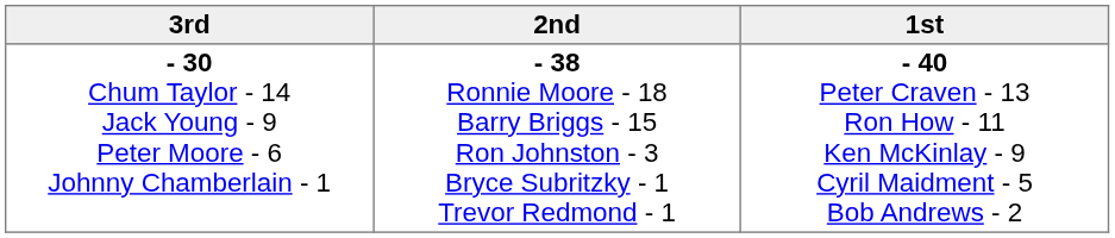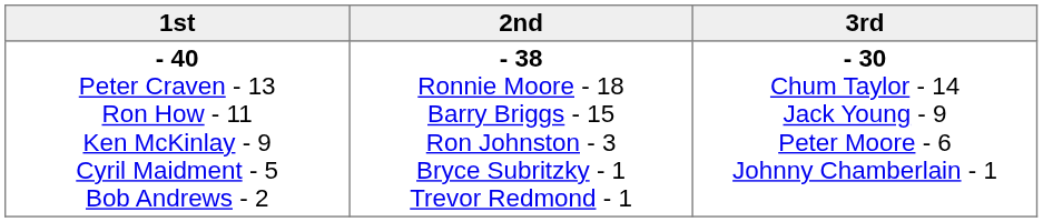 <table border=1 cellpadding=2 cellspacing=0 width=75% style="border-collapse:collapse">
 <tr align=center style="background:#efefef;">
+<th width=20% >1st</th>
+<th width=20% >2nd</th>
 <th width=20% >3rd</th>
-<th width=20% >2nd</th>
-<th width=20% >1st</th>
 </tr>
 <tr align=center>
+<td valign=top ><strong> - 40</strong><br><a href='#'>Peter Craven</a> - 13<br><a href='#'>Ron How</a> - 11<br><a href='#'>Ken McKinlay</a> - 9<br><a href='#'>Cyril Maidment</a> - 5<br><a href='#'>Bob Andrews</a> - 2</td>
+<td valign=top ><strong> - 38</strong><br><a href='#'>Ronnie Moore</a> - 18<br><a href='#'>Barry Briggs</a> - 15<br><a href='#'>Ron Johnston</a> - 3<br><a href='#'>Bryce Subritzky</a> - 1<br><a href='#'>Trevor Redmond</a> - 1</td>
 <td valign=top ><strong> - 30</strong><br><a href='#'>Chum Taylor</a> - 14<br><a href='#'>Jack Young</a> - 9<br><a href='#'>Peter Moore</a> - 6<br><a href='#'>Johnny Chamberlain</a> - 1</td>
-<td valign=top ><strong> - 38</strong><br><a href='#'>Ronnie Moore</a> - 18<br><a href='#'>Barry Briggs</a> - 15<br><a href='#'>Ron Johnston</a> - 3<br><a href='#'>Bryce Subritzky</a> - 1<br><a href='#'>Trevor Redmond</a> - 1</td>
-<td valign=top ><strong> - 40</strong><br><a href='#'>Peter Craven</a> - 13<br><a href='#'>Ron How</a> - 11<br><a href='#'>Ken McKinlay</a> - 9<br><a href='#'>Cyril Maidment</a> - 5<br><a href='#'>Bob Andrews</a> - 2</td>
 </tr>
 </table>
